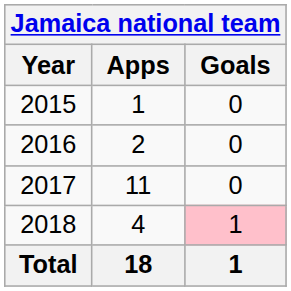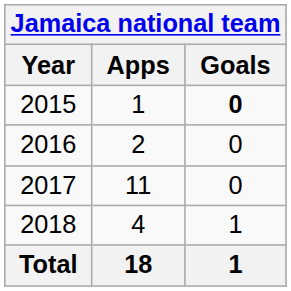 <table class="wikitable" style="text-align:center">
 <tr>
 <th colspan=3><a href='#'>Jamaica national team</a></th>
 </tr>
 <tr>
 <th>Year</th>
 <th>Apps</th>
 <th>Goals</th>
 </tr>
 <tr>
 <td>2015</td>
 <td>1</td>
-<td>0</td>
+<td><strong>0</strong></td>
 </tr>
 <tr>
 <td>2016</td>
 <td>2</td>
 <td>0</td>
 </tr>
 <tr>
 <td>2017</td>
 <td>11</td>
 <td>0</td>
 </tr>
 <tr>
 <td>2018</td>
 <td>4</td>
-<td style="background: pink;">1</td>
+<td>1</td>
 </tr>
 <tr>
 <th>Total</th>
 <th>18</th>
 <th>1</th>
 </tr>
 </table>
